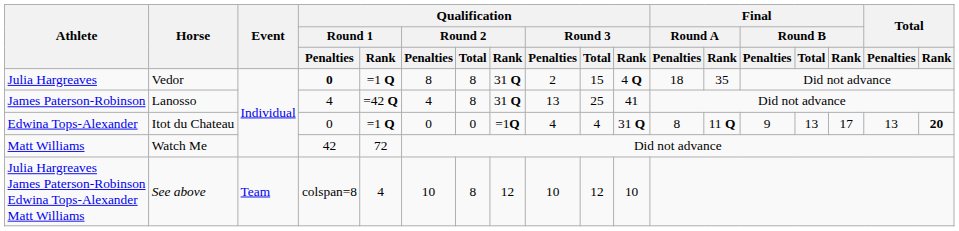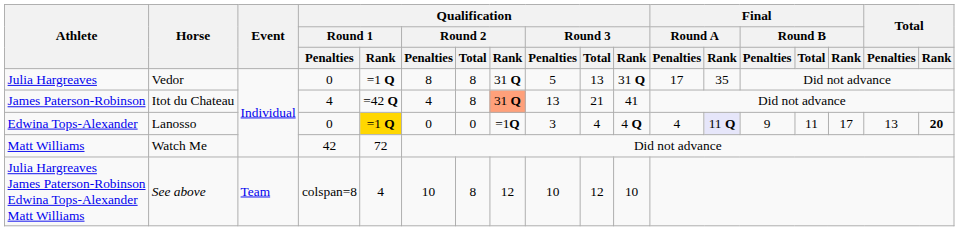 <table class="wikitable" style="font-size:90%">
 <tr>
 <th rowspan="3">Athlete</th>
 <th rowspan="3">Horse</th>
 <th rowspan="3">Event</th>
 <th colspan="8">Qualification</th>
 <th colspan="5">Final</th>
 <th rowspan=2 colspan="2">Total</th>
 </tr>
 <tr style="font-size:95%">
 <th colspan="2">Round 1</th>
 <th colspan="3">Round 2</th>
 <th colspan="3">Round 3</th>
 <th colspan="2">Round A</th>
 <th colspan="3">Round B</th>
 </tr>
 <tr style="font-size:95%">
 <th>Penalties</th>
 <th>Rank</th>
 <th>Penalties</th>
 <th>Total</th>
 <th>Rank</th>
 <th>Penalties</th>
 <th>Total</th>
 <th>Rank</th>
 <th>Penalties</th>
 <th>Rank</th>
 <th>Penalties</th>
 <th>Total</th>
 <th>Rank</th>
 <th>Penalties</th>
 <th>Rank</th>
 </tr>
 <tr align=center>
 <td align=left><a href='#'>Julia Hargreaves</a></td>
 <td align=left>Vedor</td>
 <td rowspan=4 align=left><a href='#'>Individual</a></td>
-<td><strong>0</strong></td>
+<td>0</td>
 <td>=1 <strong>Q</strong></td>
 <td>8</td>
 <td>8</td>
 <td>31 <strong>Q</strong></td>
-<td>2</td>
-<td>15</td>
-<td>4 <strong>Q</strong></td>
-<td>18</td>
+<td>5</td>
+<td>13</td>
+<td>31 <strong>Q</strong></td>
+<td>17</td>
 <td>35</td>
 <td colspan=5>Did not advance</td>
 </tr>
 <tr align=center>
 <td align=left><a href='#'>James Paterson-Robinson</a></td>
-<td align=left>Lanosso</td>
+<td align=left>Itot du Chateau</td>
 <td>4</td>
 <td>=42 <strong>Q</strong></td>
 <td>4</td>
 <td>8</td>
-<td>31 <strong>Q</strong></td>
+<td style="background: lightsalmon;">31 <strong>Q</strong></td>
 <td>13</td>
-<td>25</td>
+<td>21</td>
 <td>41</td>
 <td colspan=7>Did not advance</td>
 </tr>
 <tr align=center>
 <td align=left><a href='#'>Edwina Tops-Alexander</a></td>
-<td align=left>Itot du Chateau</td>
+<td align=left>Lanosso</td>
 <td>0</td>
-<td>=1 <strong>Q</strong></td>
+<td style="background: gold;">=1 <strong>Q</strong></td>
 <td>0</td>
 <td>0</td>
 <td>=1<strong>Q</strong></td>
+<td>3</td>
 <td>4</td>
+<td>4 <strong>Q</strong></td>
 <td>4</td>
-<td>31 <strong>Q</strong></td>
-<td>8</td>
-<td>11 <strong>Q</strong></td>
+<td style="background: lavender;">11 <strong>Q</strong></td>
 <td>9</td>
-<td>13</td>
+<td>11</td>
 <td>17</td>
 <td>13</td>
 <td><strong>20</strong></td>
 </tr>
 <tr align=center>
 <td align=left><a href='#'>Matt Williams</a></td>
 <td align=left>Watch Me</td>
 <td>42</td>
 <td>72</td>
 <td colspan=13>Did not advance</td>
 </tr>
 <tr align=center>
 <td align=left><a href='#'>Julia Hargreaves</a><br><a href='#'>James Paterson-Robinson</a><br><a href='#'>Edwina Tops-Alexander</a><br><a href='#'>Matt Williams</a></td>
 <td align=left><em>See above</em></td>
 <td align=left><a href='#'>Team</a></td>
 <td>colspan=8 </td>
 <td>4</td>
 <td>10</td>
 <td>8</td>
 <td>12</td>
 <td>10</td>
 <td>12</td>
 <td>10</td>
 </tr>
 </table>
